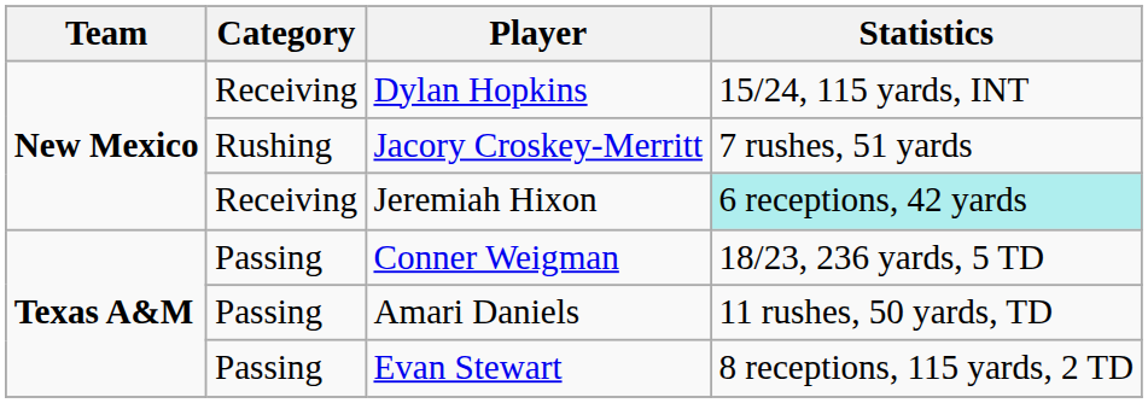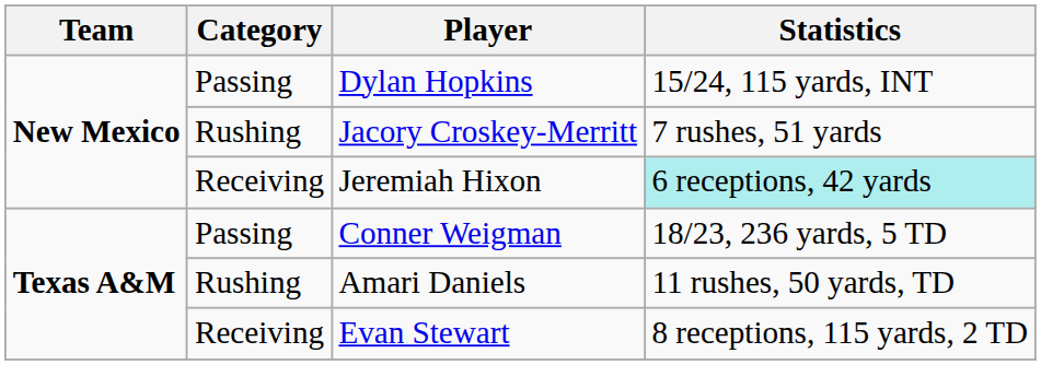 <table class="wikitable" style="float: right;">
 <tr>
 <th>Team</th>
 <th>Category</th>
 <th>Player</th>
 <th>Statistics</th>
 </tr>
 <tr>
 <td rowspan=3><strong>New Mexico</strong></td>
-<td>Receiving</td>
+<td>Passing</td>
 <td><a href='#'>Dylan Hopkins</a></td>
 <td>15/24, 115 yards, INT</td>
 </tr>
 <tr>
 <td>Rushing</td>
 <td><a href='#'>Jacory Croskey-Merritt</a></td>
 <td>7 rushes, 51 yards</td>
 </tr>
 <tr>
 <td>Receiving</td>
 <td>Jeremiah Hixon</td>
 <td style="background: paleturquoise;">6 receptions, 42 yards</td>
 </tr>
 <tr>
 <td rowspan=3><strong>Texas A&M</strong></td>
 <td>Passing</td>
 <td><a href='#'>Conner Weigman</a></td>
 <td>18/23, 236 yards, 5 TD</td>
 </tr>
 <tr>
-<td>Passing</td>
+<td>Rushing</td>
 <td>Amari Daniels</td>
 <td>11 rushes, 50 yards, TD</td>
 </tr>
 <tr>
-<td>Passing</td>
+<td>Receiving</td>
 <td><a href='#'>Evan Stewart</a></td>
 <td>8 receptions, 115 yards, 2 TD</td>
 </tr>
 </table>
